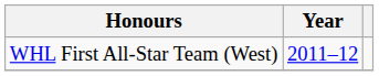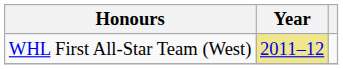 <table class="wikitable">
 <tr>
 <th>Honours</th>
 <th>Year</th>
 <th></th>
 </tr>
 <tr>
 <td><a href='#'>WHL</a> First All-Star Team (West)</td>
-<td><a href='#'>2011–12</a></td>
+<td style="background: khaki;"><a href='#'>2011–12</a></td>
 <td></td>
 </tr>
 <tr>
 </tr>
 </table>
